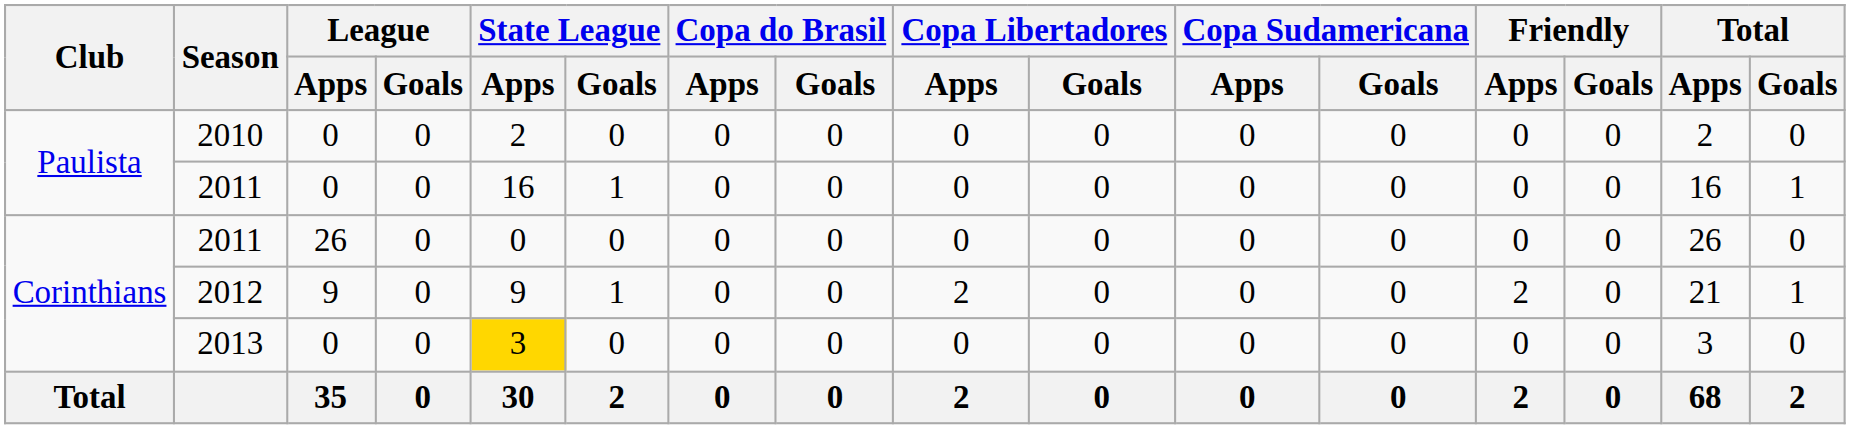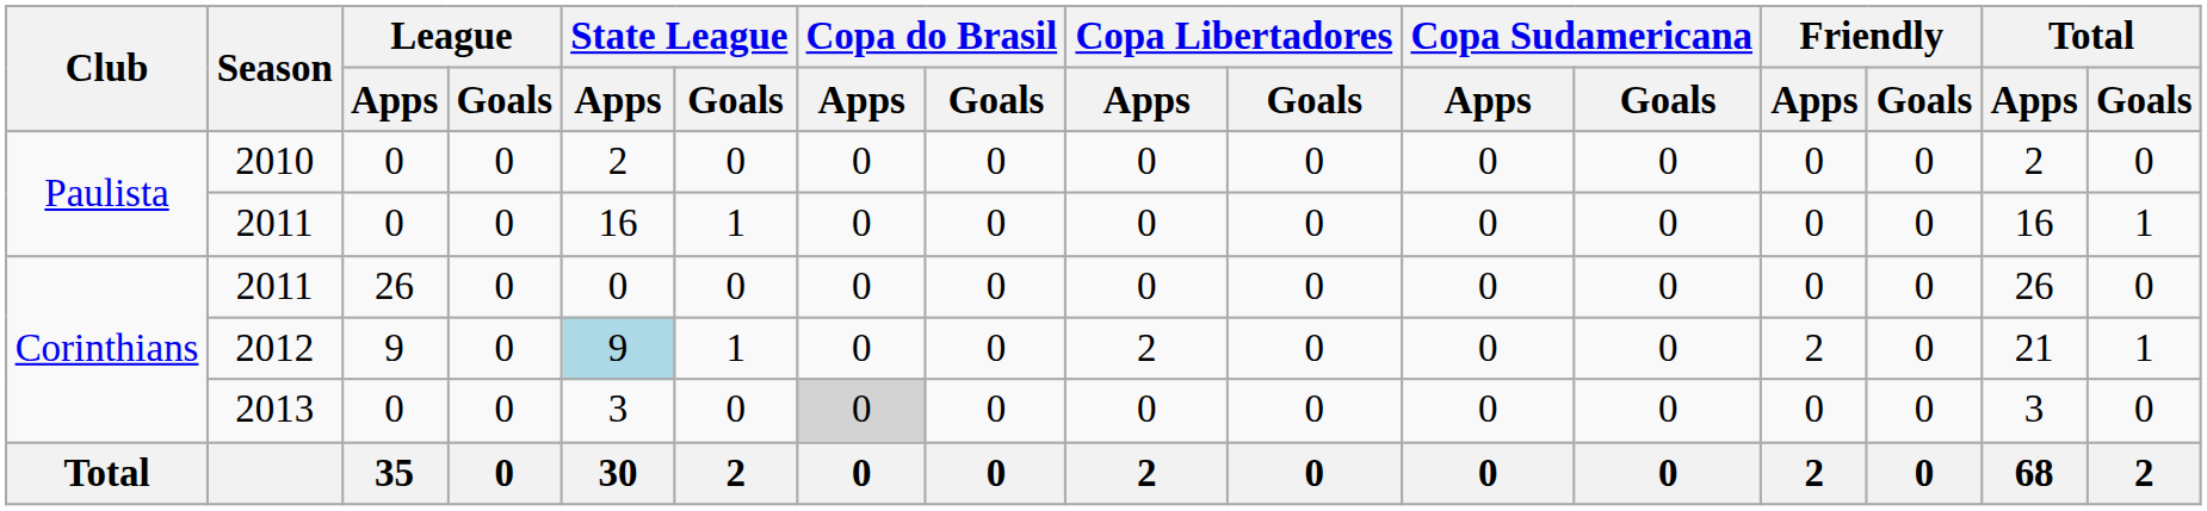 <table class="wikitable" style="text-align: center;">
 <tr>
 <th rowspan="2">Club</th>
 <th rowspan="2">Season</th>
 <th colspan="2">League</th>
 <th colspan="2"><a href='#'>State League</a></th>
 <th colspan="2"><a href='#'>Copa do Brasil</a></th>
 <th colspan="2"><a href='#'>Copa Libertadores</a></th>
 <th colspan="2"><a href='#'>Copa Sudamericana</a></th>
 <th colspan="2">Friendly</th>
 <th colspan="2">Total</th>
 </tr>
 <tr>
 <th>Apps</th>
 <th>Goals</th>
 <th>Apps</th>
 <th>Goals</th>
 <th>Apps</th>
 <th>Goals</th>
 <th>Apps</th>
 <th>Goals</th>
 <th>Apps</th>
 <th>Goals</th>
 <th>Apps</th>
 <th>Goals</th>
 <th>Apps</th>
 <th>Goals</th>
 </tr>
 <tr>
 <td rowspan="2" valign="center"><a href='#'>Paulista</a></td>
 <td>2010</td>
 <td>0</td>
 <td>0</td>
 <td>2</td>
 <td>0</td>
 <td>0</td>
 <td>0</td>
 <td>0</td>
 <td>0</td>
 <td>0</td>
 <td>0</td>
 <td>0</td>
 <td>0</td>
 <td>2</td>
 <td>0</td>
 </tr>
 <tr>
 <td>2011</td>
 <td>0</td>
 <td>0</td>
 <td>16</td>
 <td>1</td>
 <td>0</td>
 <td>0</td>
 <td>0</td>
 <td>0</td>
 <td>0</td>
 <td>0</td>
 <td>0</td>
 <td>0</td>
 <td>16</td>
 <td>1</td>
 </tr>
 <tr>
 <td rowspan="3" valign="center"><a href='#'>Corinthians</a></td>
 <td>2011</td>
 <td>26</td>
 <td>0</td>
 <td>0</td>
 <td>0</td>
 <td>0</td>
 <td>0</td>
 <td>0</td>
 <td>0</td>
 <td>0</td>
 <td>0</td>
 <td>0</td>
 <td>0</td>
 <td>26</td>
 <td>0</td>
 </tr>
 <tr>
 <td>2012</td>
 <td>9</td>
 <td>0</td>
-<td>9</td>
+<td style="background: lightblue;">9</td>
 <td>1</td>
 <td>0</td>
 <td>0</td>
 <td>2</td>
 <td>0</td>
 <td>0</td>
 <td>0</td>
 <td>2</td>
 <td>0</td>
 <td>21</td>
 <td>1</td>
 </tr>
 <tr>
 <td>2013</td>
 <td>0</td>
 <td>0</td>
-<td style="background: gold;">3</td>
+<td>3</td>
 <td>0</td>
-<td>0</td>
+<td style="background: lightgrey;">0</td>
 <td>0</td>
 <td>0</td>
 <td>0</td>
 <td>0</td>
 <td>0</td>
 <td>0</td>
 <td>0</td>
 <td>3</td>
 <td>0</td>
 </tr>
 <tr>
 <th colspan="1"><strong>Total</strong></th>
 <th></th>
 <th>35</th>
 <th>0</th>
 <th>30</th>
 <th>2</th>
 <th>0</th>
 <th>0</th>
 <th>2</th>
 <th>0</th>
 <th>0</th>
 <th>0</th>
 <th>2</th>
 <th>0</th>
 <th>68</th>
 <th>2</th>
 </tr>
 </table>
